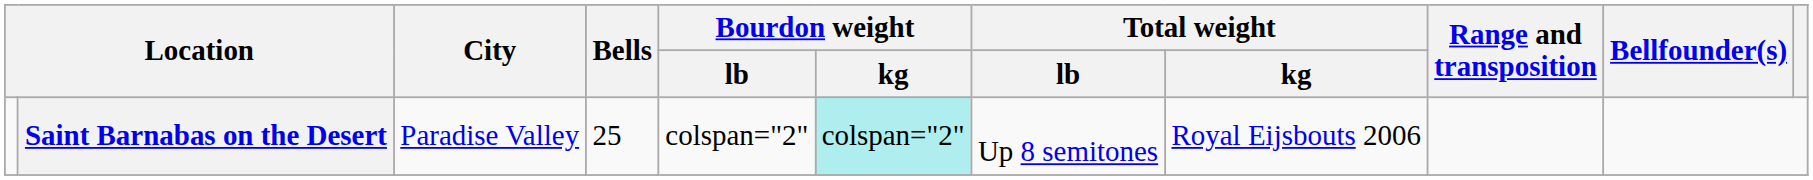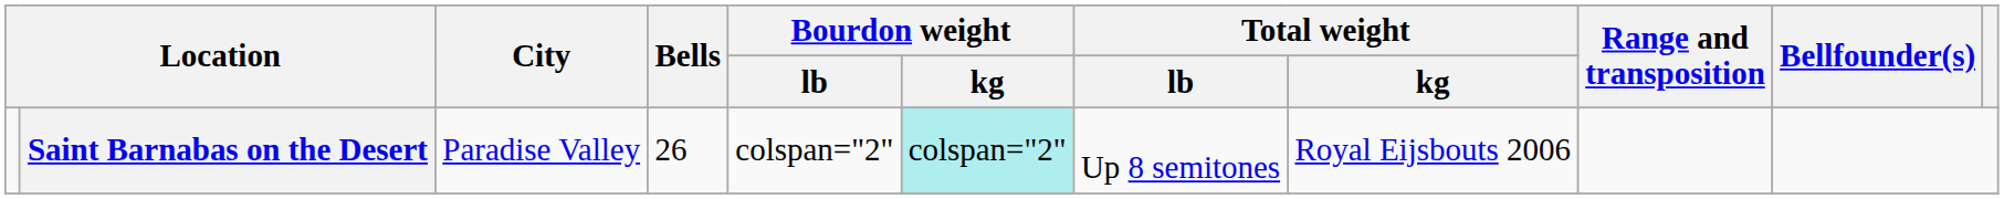 <table class="wikitable sortable plainrowheaders">
 <tr>
 <th scope="col" colspan="2" rowspan="2" class="unsortable">Location</th>
 <th scope="col" rowspan="2">City</th>
 <th scope="col" rowspan="2">Bells</th>
 <th scope="col" colspan="2"><a href='#'>Bourdon</a> weight</th>
 <th scope="col" colspan="2">Total weight</th>
 <th scope="col" rowspan="2" class="unsortable"><a href='#'>Range</a> and<br><a href='#'>transposition</a></th>
 <th scope="col" rowspan="2" class="unsortable"><a href='#'>Bellfounder(s)</a></th>
 <th scope="col" rowspan="2" class="unsortable"></th>
 </tr>
 <tr>
 <th scope="col">lb</th>
 <th scope="col">kg</th>
 <th scope="col">lb</th>
 <th scope="col">kg</th>
 </tr>
 <tr>
 <td></td>
 <th scope="row"><a href='#'>Saint Barnabas on the Desert</a></th>
 <td><a href='#'>Paradise Valley</a></td>
-<td>25</td>
+<td>26</td>
 <td>colspan="2" </td>
 <td style="background: paleturquoise;">colspan="2" </td>
 <td style="text-align: center"><br>Up <a href='#'>8 semitones</a></td>
 <td><a href='#'>Royal Eijsbouts</a> 2006</td>
 <td></td>
 </tr>
 </table>
